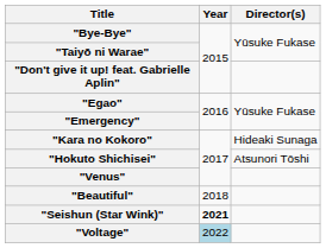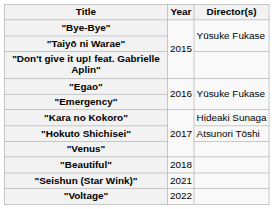 <table class="wikitable plainrowheaders">
 <tr>
 <th scope="col" style="width:16em;">Title</th>
 <th scope="col">Year</th>
 <th scope="col">Director(s)</th>
 </tr>
 <tr>
 <th scope="row">"Bye-Bye"</th>
 <td rowspan="3">2015</td>
 <td rowspan="2">Yūsuke Fukase</td>
 </tr>
 <tr>
 <th scope="row">"Taiyō ni Warae"</th>
 </tr>
 <tr>
 <th scope="row">"Don't give it up! feat. Gabrielle Aplin"</th>
 <td></td>
 </tr>
 <tr>
 <th scope="row">"Egao"</th>
 <td rowspan="2">2016</td>
 <td rowspan="2">Yūsuke Fukase</td>
 </tr>
 <tr>
 <th scope="row">"Emergency"</th>
 </tr>
 <tr>
 <th scope="row">"Kara no Kokoro"</th>
 <td rowspan="3">2017</td>
 <td>Hideaki Sunaga</td>
 </tr>
 <tr>
 <th scope="row">"Hokuto Shichisei"</th>
 <td>Atsunori Tōshi</td>
 </tr>
 <tr>
 <th scope="row">"Venus"</th>
 <td></td>
 </tr>
 <tr>
 <th scope="row">"Beautiful"</th>
 <td>2018</td>
 <td></td>
 </tr>
 <tr>
 <th scope="row">"Seishun (Star Wink)"</th>
-<td><strong>2021</strong></td>
+<td>2021</td>
 <td></td>
 </tr>
 <tr>
 <th scope="row">"Voltage"</th>
-<td style="background: lightblue;">2022</td>
+<td>2022</td>
 <td></td>
 </tr>
 </table>
